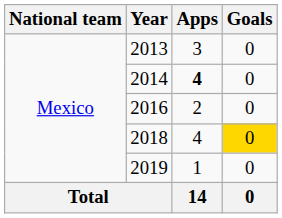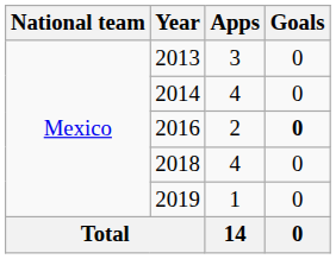 <table class="wikitable" style="text-align: center;">
 <tr>
 <th>National team</th>
 <th>Year</th>
 <th>Apps</th>
 <th>Goals</th>
 </tr>
 <tr>
 <td rowspan="5" valign="center"><a href='#'>Mexico</a></td>
 <td>2013</td>
 <td>3</td>
 <td>0</td>
 </tr>
 <tr>
 <td>2014</td>
-<td><strong>4</strong></td>
+<td>4</td>
 <td>0</td>
 </tr>
 <tr>
 <td>2016</td>
 <td>2</td>
-<td>0</td>
+<td><strong>0</strong></td>
 </tr>
 <tr>
 <td>2018</td>
 <td>4</td>
-<td style="background: gold;">0</td>
+<td>0</td>
 </tr>
 <tr>
 <td>2019</td>
 <td>1</td>
 <td>0</td>
 </tr>
 <tr>
 <th colspan="2">Total</th>
 <th>14</th>
 <th>0</th>
 </tr>
 </table>
